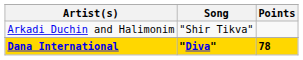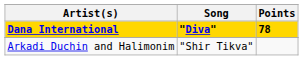 <table class="wikitable sortable plainrowheaders" style="margin: 1em auto 1em auto">
 <tr>
 </tr>
 <tr>
 <th scope="col">Artist(s)</th>
 <th scope="col">Song</th>
 <th scope="col">Points</th>
 </tr>
+<tr style="font-weight:bold;background:gold;">
+<td><a href='#'>Dana International</a></td>
+<td>"<a href='#'>Diva</a>"</td>
+<td>78</td>
+</tr>
+<tr>
+</tr>
 <tr>
 <td><a href='#'>Arkadi Duchin</a> and Halimonim</td>
 <td>"Shir Tikva"</td>
 <td></td>
 </tr>
-<tr>
-</tr>
-<tr style="font-weight:bold;background:gold;">
-<td><a href='#'>Dana International</a></td>
-<td>"<a href='#'>Diva</a>"</td>
-<td>78</td>
-</tr>
 </table>
